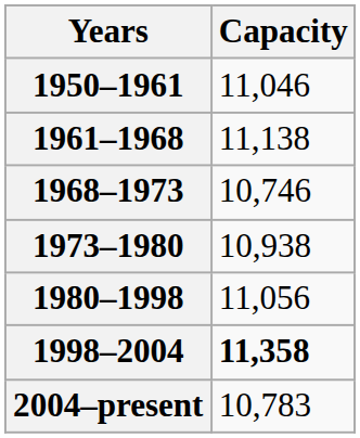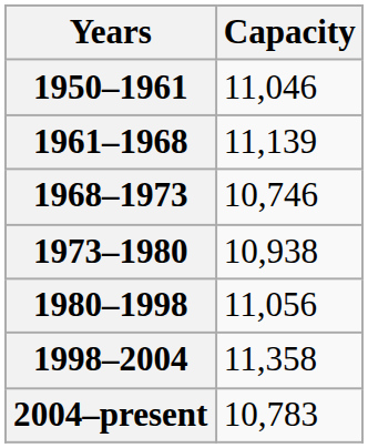 <table class="wikitable">
 <tr>
 <th>Years</th>
 <th>Capacity</th>
 </tr>
 <tr>
 <th>1950–1961</th>
 <td>11,046</td>
 </tr>
 <tr>
 <th>1961–1968</th>
-<td>11,138</td>
+<td>11,139</td>
 </tr>
 <tr>
 <th>1968–1973</th>
 <td>10,746</td>
 </tr>
 <tr>
 <th>1973–1980</th>
 <td>10,938</td>
 </tr>
 <tr>
 <th>1980–1998</th>
 <td>11,056</td>
 </tr>
 <tr>
 <th>1998–2004</th>
-<td><strong>11,358</strong></td>
+<td>11,358</td>
 </tr>
 <tr>
 <th>2004–present</th>
 <td>10,783</td>
 </tr>
 </table>
